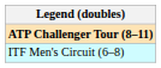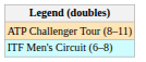 <table class=wikitable>
 <tr>
 <th>Legend (doubles)</th>
 </tr>
 <tr bgcolor=moccasin>
-<td><strong>ATP Challenger Tour (8–11)</strong></td>
+<td>ATP Challenger Tour (8–11)</td>
 </tr>
 <tr bgcolor=CFFCFF>
 <td>ITF Men's Circuit (6–8)</td>
 </tr>
 </table>
